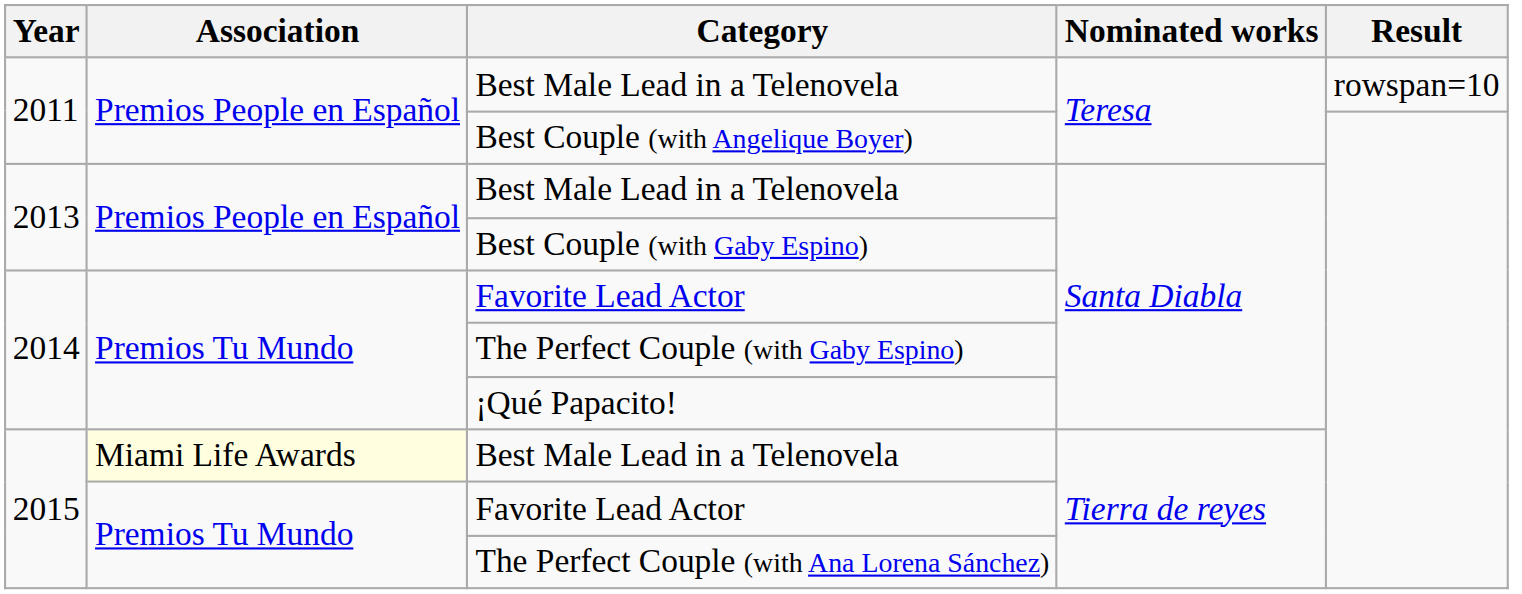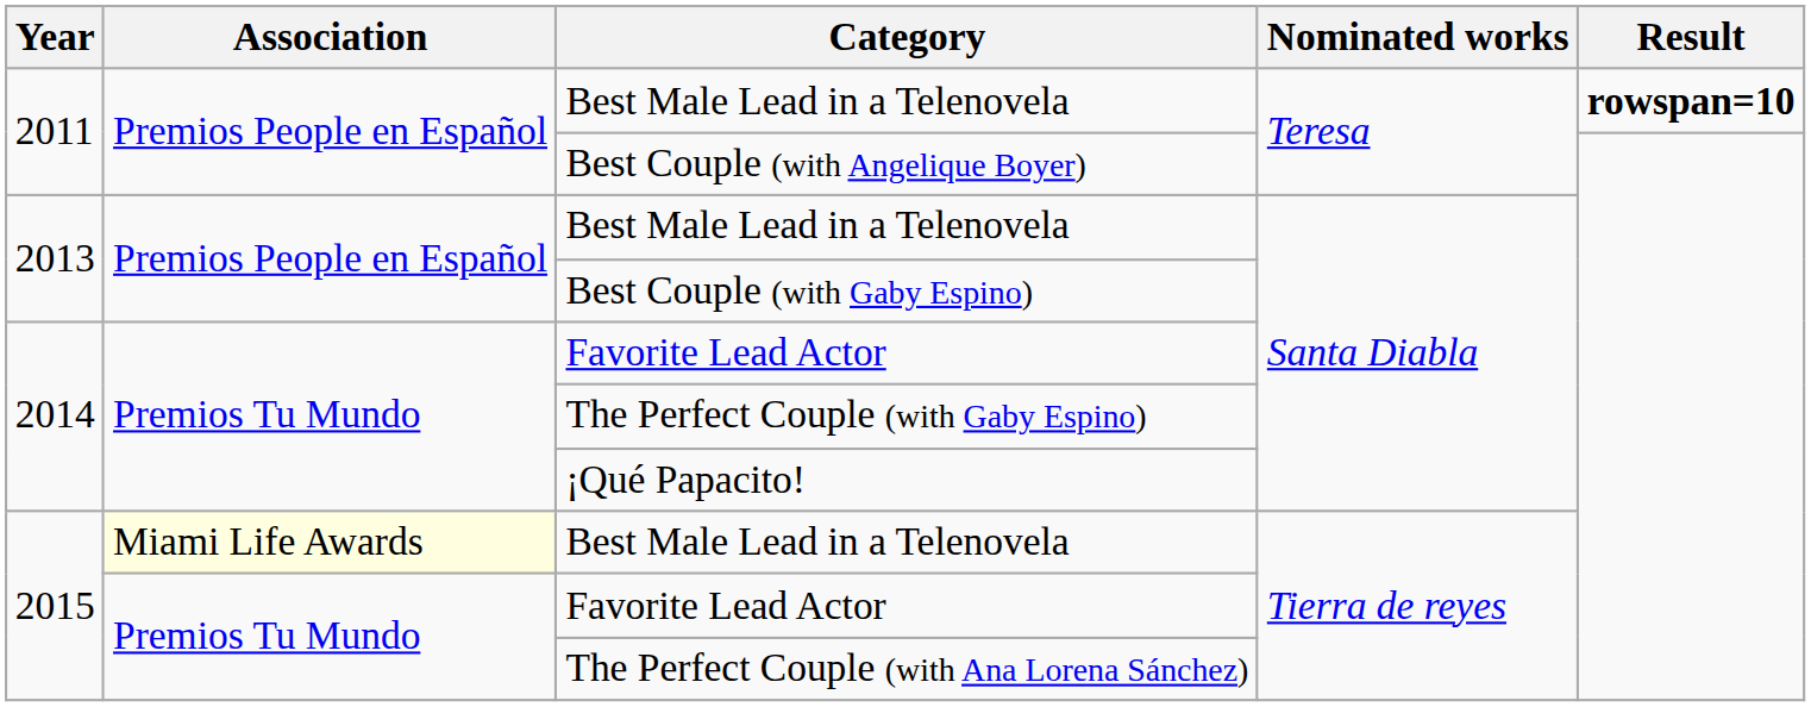 <table class="wikitable sortable">
 <tr>
 <th>Year</th>
 <th>Association</th>
 <th>Category</th>
 <th>Nominated works</th>
 <th>Result</th>
 </tr>
 <tr>
 <td rowspan=2>2011</td>
 <td rowspan=2><a href='#'>Premios People en Español</a></td>
 <td>Best Male Lead in a Telenovela</td>
 <td rowspan=2><em><a href='#'>Teresa</a></em></td>
-<td>rowspan=10 </td>
+<td><strong>rowspan=10 </strong></td>
 </tr>
 <tr>
 <td>Best Couple <small>(with <a href='#'>Angelique Boyer</a>)</small></td>
 </tr>
 <tr>
 <td rowspan=2>2013</td>
 <td rowspan=2><a href='#'>Premios People en Español</a></td>
 <td>Best Male Lead in a Telenovela</td>
 <td rowspan=5><em><a href='#'>Santa Diabla</a></em></td>
 </tr>
 <tr>
 <td>Best Couple <small>(with <a href='#'>Gaby Espino</a>)</small></td>
 </tr>
 <tr>
 <td rowspan=3>2014</td>
 <td rowspan=3><a href='#'>Premios Tu Mundo</a></td>
 <td><a href='#'>Favorite Lead Actor</a></td>
 </tr>
 <tr>
 <td>The Perfect Couple <small>(with <a href='#'>Gaby Espino</a>)</small></td>
 </tr>
 <tr>
 <td>¡Qué Papacito!</td>
 </tr>
 <tr>
 <td rowspan=6>2015</td>
 <td style="background: lightyellow;">Miami Life Awards</td>
 <td>Best Male Lead in a Telenovela</td>
 <td rowspan=5><em><a href='#'>Tierra de reyes</a></em></td>
 </tr>
 <tr>
 <td rowspan=6><a href='#'>Premios Tu Mundo</a></td>
 <td>Favorite Lead Actor</td>
 </tr>
 <tr>
 <td>The Perfect Couple <small>(with <a href='#'>Ana Lorena Sánchez</a>)</small></td>
 </tr>
 </table>
